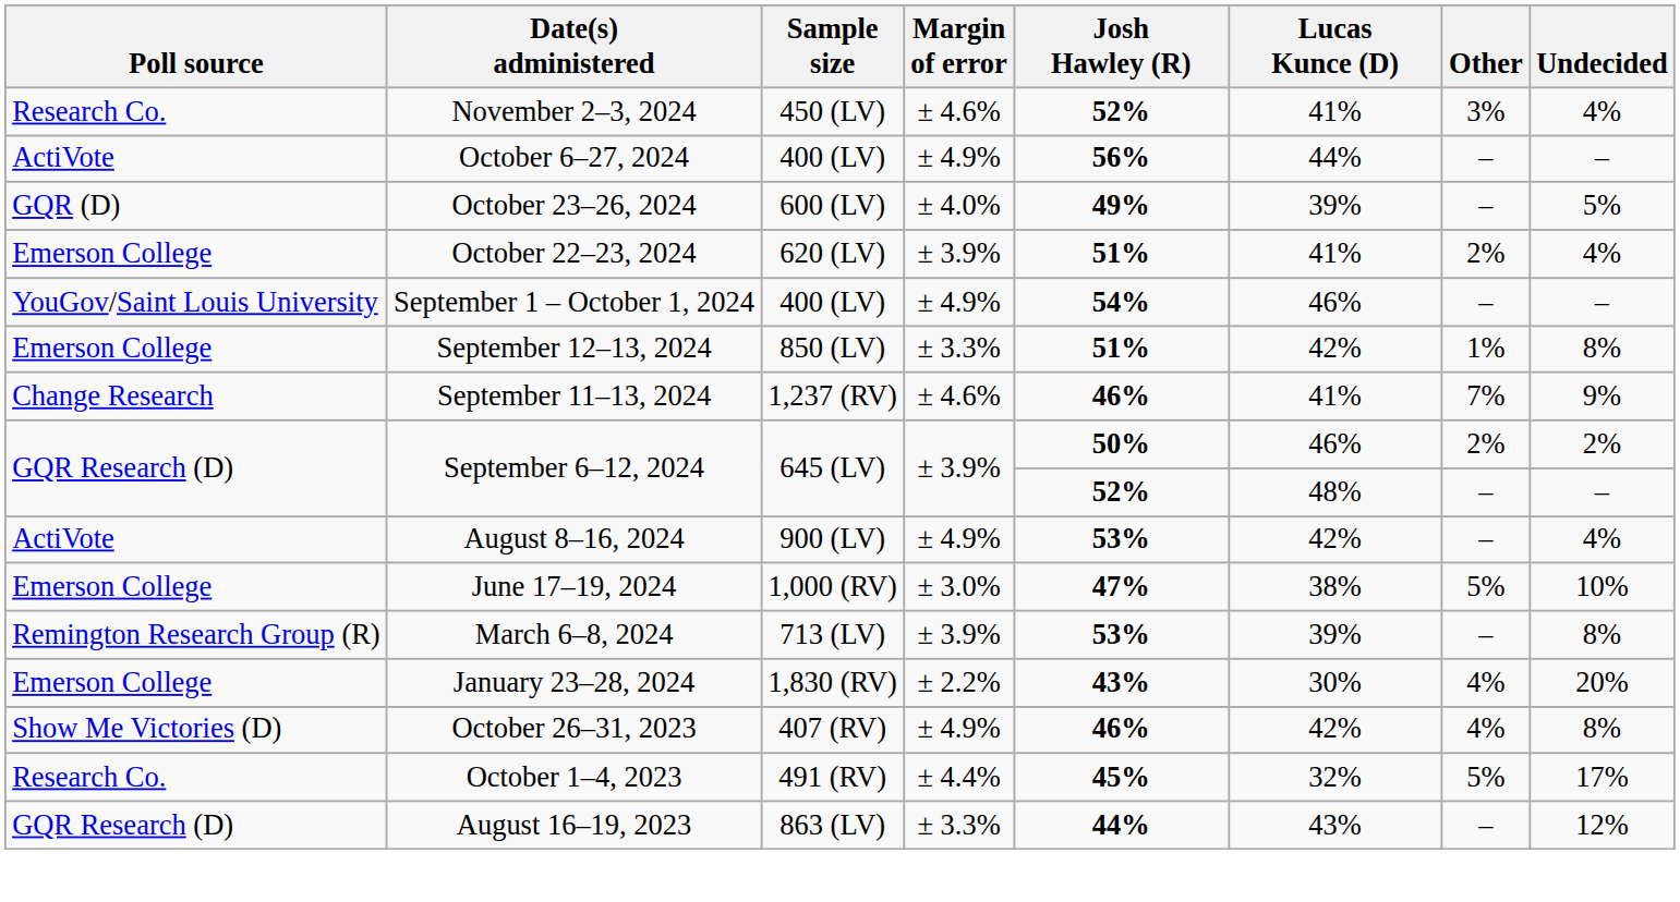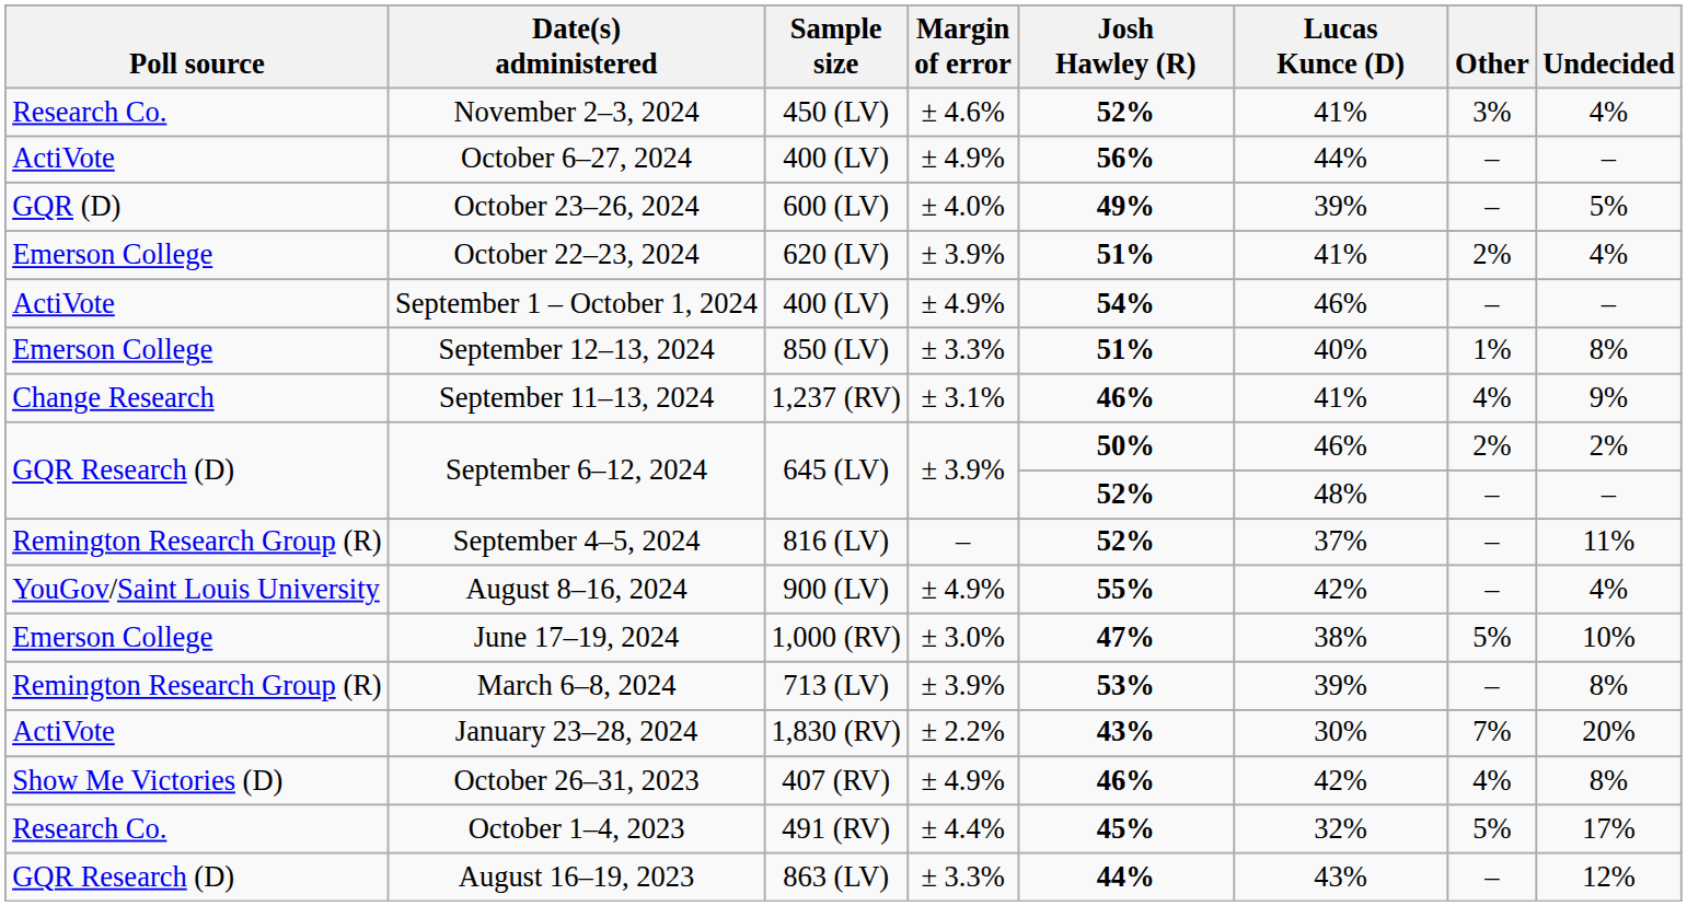 <table class="wikitable" style="font-size:90%;text-align:center;">
 <tr style="vertical-align:bottom">
 <th>Poll source</th>
 <th>Date(s)<br>administered</th>
 <th>Sample<br>size</th>
 <th>Margin<br>of error</th>
 <th style="width:100px;">Josh<br>Hawley (R)</th>
 <th style="width:100px;">Lucas<br>Kunce (D)</th>
 <th>Other</th>
 <th>Undecided</th>
 </tr>
 <tr>
 <td style="text-align:left;"><a href='#'>Research Co.</a></td>
 <td>November 2–3, 2024</td>
 <td>450 (LV)</td>
 <td>± 4.6%</td>
 <td><strong>52%</strong></td>
 <td>41%</td>
 <td>3%</td>
 <td>4%</td>
 </tr>
 <tr>
 <td style="text-align:left;"><a href='#'>ActiVote</a></td>
 <td>October 6–27, 2024</td>
 <td>400 (LV)</td>
 <td>± 4.9%</td>
 <td><strong>56%</strong></td>
 <td>44%</td>
 <td>–</td>
 <td>–</td>
 </tr>
 <tr>
 <td style="text-align:left;"><a href='#'>GQR</a> (D)</td>
 <td>October 23–26, 2024</td>
 <td>600 (LV)</td>
 <td>± 4.0%</td>
 <td><strong>49%</strong></td>
 <td>39%</td>
 <td>–</td>
 <td>5%</td>
 </tr>
 <tr>
 <td style="text-align:left;"><a href='#'>Emerson College</a></td>
 <td>October 22–23, 2024</td>
 <td>620 (LV)</td>
 <td>± 3.9%</td>
 <td><strong>51%</strong></td>
 <td>41%</td>
 <td>2%</td>
 <td>4%</td>
 </tr>
 <tr>
-<td style="text-align:left;"><a href='#'>YouGov</a>/<a href='#'>Saint Louis University</a></td>
+<td style="text-align:left;"><a href='#'>ActiVote</a></td>
 <td>September 1 – October 1, 2024</td>
 <td>400 (LV)</td>
 <td>± 4.9%</td>
 <td><strong>54%</strong></td>
 <td>46%</td>
 <td>–</td>
 <td>–</td>
 </tr>
 <tr>
 <td style="text-align:left;"><a href='#'>Emerson College</a></td>
 <td>September 12–13, 2024</td>
 <td>850 (LV)</td>
 <td>± 3.3%</td>
 <td><strong>51%</strong></td>
-<td>42%</td>
+<td>40%</td>
 <td>1%</td>
 <td>8%</td>
 </tr>
 <tr>
 <td style="text-align:left;"><a href='#'>Change Research</a></td>
 <td>September 11–13, 2024</td>
 <td>1,237 (RV)</td>
-<td>± 4.6%</td>
+<td>± 3.1%</td>
 <td><strong>46%</strong></td>
 <td>41%</td>
-<td>7%</td>
+<td>4%</td>
 <td>9%</td>
 </tr>
 <tr>
 <td rowspan=2; style="text-align:left;"><a href='#'>GQR Research</a> (D)</td>
 <td rowspan=2;>September 6–12, 2024</td>
 <td rowspan=2;>645 (LV)</td>
 <td rowspan=2;>± 3.9%</td>
 <td><strong>50%</strong></td>
 <td>46%</td>
 <td>2%</td>
 <td>2%</td>
 </tr>
 <tr>
 <td><strong>52%</strong></td>
 <td>48%</td>
 <td>–</td>
 <td>–</td>
 </tr>
 <tr>
-<td style="text-align:left;"><a href='#'>ActiVote</a></td>
+<td style="text-align:left;"><a href='#'>Remington Research Group</a> (R)</td>
+<td>September 4–5, 2024</td>
+<td>816 (LV)</td>
+<td>–</td>
+<td><strong>52%</strong></td>
+<td>37%</td>
+<td>–</td>
+<td>11%</td>
+</tr>
+<tr>
+<td style="text-align:left;"><a href='#'>YouGov</a>/<a href='#'>Saint Louis University</a></td>
 <td>August 8–16, 2024</td>
 <td>900 (LV)</td>
 <td>± 4.9%</td>
-<td><strong>53%</strong></td>
+<td><strong>55%</strong></td>
 <td>42%</td>
 <td>–</td>
 <td>4%</td>
 </tr>
 <tr>
 <td style="text-align:left;"><a href='#'>Emerson College</a></td>
 <td>June 17–19, 2024</td>
 <td>1,000 (RV)</td>
 <td>± 3.0%</td>
 <td><strong>47%</strong></td>
 <td>38%</td>
 <td>5%</td>
 <td>10%</td>
 </tr>
 <tr>
 <td style="text-align:left;"><a href='#'>Remington Research Group</a> (R)</td>
 <td>March 6–8, 2024</td>
 <td>713 (LV)</td>
 <td>± 3.9%</td>
 <td><strong>53%</strong></td>
 <td>39%</td>
 <td>–</td>
 <td>8%</td>
 </tr>
 <tr>
-<td style="text-align:left;"><a href='#'>Emerson College</a></td>
+<td style="text-align:left;"><a href='#'>ActiVote</a></td>
 <td>January 23–28, 2024</td>
 <td>1,830 (RV)</td>
 <td>± 2.2%</td>
 <td><strong>43%</strong></td>
 <td>30%</td>
-<td>4%</td>
+<td>7%</td>
 <td>20%</td>
 </tr>
 <tr>
 <td style="text-align:left;"><a href='#'>Show Me Victories</a> (D)</td>
 <td>October 26–31, 2023</td>
 <td>407 (RV)</td>
 <td>± 4.9%</td>
 <td><strong>46%</strong></td>
 <td>42%</td>
 <td>4%</td>
 <td>8%</td>
 </tr>
 <tr>
 <td style="text-align:left;"><a href='#'>Research Co.</a></td>
 <td>October 1–4, 2023</td>
 <td>491 (RV)</td>
 <td>± 4.4%</td>
 <td><strong>45%</strong></td>
 <td>32%</td>
 <td>5%</td>
 <td>17%</td>
 </tr>
 <tr>
 <td style="text-align:left"><a href='#'>GQR Research</a> (D)</td>
 <td>August 16–19, 2023</td>
 <td>863 (LV)</td>
 <td>± 3.3%</td>
 <td><strong>44%</strong></td>
 <td>43%</td>
 <td>–</td>
 <td>12%</td>
 </tr>
 <tr>
 </tr>
 </table>
